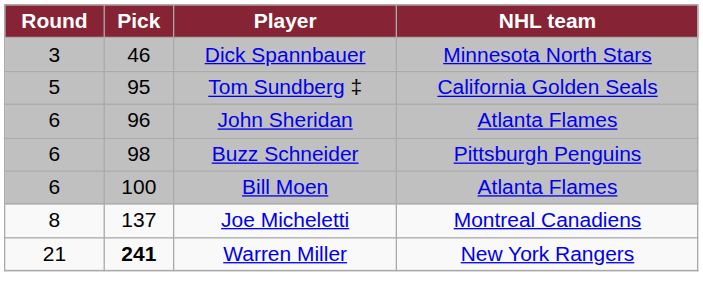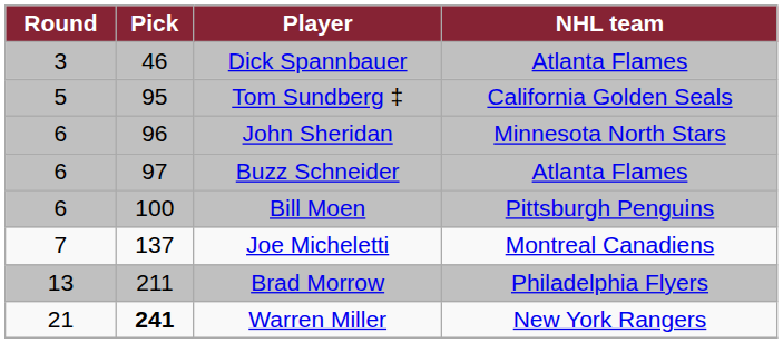 <table class="wikitable" width="60%">
 <tr>
 <th style="color:white; background:#862334; ">Round</th>
 <th style="color:white; background:#862334; ">Pick</th>
 <th style="color:white; background:#862334; ">Player</th>
 <th style="color:white; background:#862334; ">NHL team</th>
 </tr>
 <tr align="center" bgcolor="C0C0C0">
 <td>3</td>
 <td>46</td>
 <td><a href='#'>Dick Spannbauer</a></td>
-<td><a href='#'>Minnesota North Stars</a></td>
+<td><a href='#'>Atlanta Flames</a></td>
 </tr>
 <tr align="center" bgcolor="C0C0C0">
 <td>5</td>
 <td>95</td>
 <td><a href='#'>Tom Sundberg</a> ‡</td>
 <td><a href='#'>California Golden Seals</a></td>
 </tr>
 <tr align="center" bgcolor="C0C0C0">
 <td>6</td>
 <td>96</td>
 <td><a href='#'>John Sheridan</a></td>
-<td><a href='#'>Atlanta Flames</a></td>
+<td><a href='#'>Minnesota North Stars</a></td>
 </tr>
 <tr align="center" bgcolor="C0C0C0">
 <td>6</td>
-<td>98</td>
+<td>97</td>
 <td><a href='#'>Buzz Schneider</a></td>
-<td><a href='#'>Pittsburgh Penguins</a></td>
+<td><a href='#'>Atlanta Flames</a></td>
 </tr>
 <tr align="center" bgcolor="C0C0C0">
 <td>6</td>
 <td>100</td>
 <td><a href='#'>Bill Moen</a></td>
-<td><a href='#'>Atlanta Flames</a></td>
+<td><a href='#'>Pittsburgh Penguins</a></td>
 </tr>
 <tr align="center" bgcolor="">
-<td>8</td>
+<td>7</td>
 <td>137</td>
 <td><a href='#'>Joe Micheletti</a></td>
 <td><a href='#'>Montreal Canadiens</a></td>
+</tr>
+<tr align="center" bgcolor="C0C0C0">
+<td>13</td>
+<td>211</td>
+<td><a href='#'>Brad Morrow</a></td>
+<td><a href='#'>Philadelphia Flyers</a></td>
 </tr>
 <tr align="center" bgcolor="">
 <td>21</td>
 <td><strong>241</strong></td>
 <td><a href='#'>Warren Miller</a></td>
 <td><a href='#'>New York Rangers</a></td>
 </tr>
 <tr align="center" bgcolor="">
 </tr>
 </table>
